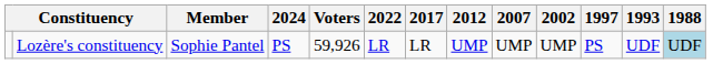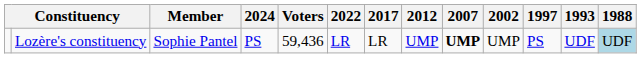 <table class="wikitable sortable">
 <tr>
 <th colspan="2">Constituency</th>
 <th>Member</th>
 <th>2024</th>
 <th>Voters</th>
 <th>2022</th>
 <th>2017</th>
 <th>2012</th>
 <th>2007</th>
 <th>2002</th>
 <th>1997</th>
 <th>1993</th>
 <th>1988</th>
 </tr>
 <tr>
 <td style="background-color: "></td>
 <td><a href='#'>Lozère's constituency</a></td>
 <td><a href='#'>Sophie Pantel</a></td>
 <td><a href='#'>PS</a></td>
-<td>59,926</td>
+<td>59,436</td>
 <td><a href='#'>LR</a></td>
 <td>LR</td>
 <td><a href='#'>UMP</a></td>
-<td>UMP</td>
+<td><strong>UMP</strong></td>
 <td>UMP</td>
 <td><a href='#'>PS</a></td>
 <td><a href='#'>UDF</a></td>
 <td style="background: lightblue;">UDF</td>
 </tr>
 </table>
